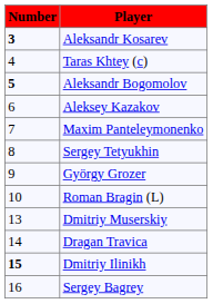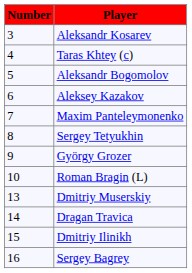 <table bgcolor="#f7f8ff" cellpadding="3" cellspacing="0" border="1" style="font-size: 95%; border: gray solid 1px; border-collapse: collapse;">
 <tr bgcolor="#ff0000">
 <td align=center><strong>Number</strong></td>
 <td align=center><strong>Player</strong></td>
 </tr>
 <tr align="left">
-<td><strong>3</strong></td>
+<td>3</td>
 <td> <a href='#'>Aleksandr Kosarev</a></td>
 </tr>
 <tr align="left">
 <td>4</td>
 <td> <a href='#'>Taras Khtey</a> (<a href='#'>c</a>)</td>
 </tr>
 <tr align="left">
-<td><strong>5</strong></td>
+<td>5</td>
 <td> <a href='#'>Aleksandr Bogomolov</a></td>
 </tr>
 <tr align="left">
 <td>6</td>
 <td> <a href='#'>Aleksey Kazakov</a></td>
 </tr>
 <tr align="left">
 <td>7</td>
 <td> <a href='#'>Maxim Panteleymonenko</a></td>
 </tr>
 <tr align="left">
 <td>8</td>
 <td> <a href='#'>Sergey Tetyukhin</a></td>
 </tr>
 <tr align="left">
 <td>9</td>
 <td> <a href='#'>György Grozer</a></td>
 </tr>
 <tr align="left">
 <td>10</td>
 <td> <a href='#'>Roman Bragin</a> (L)</td>
 </tr>
 <tr align="left">
 <td>13</td>
 <td> <a href='#'>Dmitriy Muserskiy</a></td>
 </tr>
 <tr align="left">
 <td>14</td>
 <td> <a href='#'>Dragan Travica</a></td>
 </tr>
 <tr align="left">
-<td><strong>15</strong></td>
+<td>15</td>
 <td> <a href='#'>Dmitriy Ilinikh</a></td>
 </tr>
 <tr align="left">
 <td>16</td>
 <td> <a href='#'>Sergey Bagrey</a></td>
 </tr>
 </table>
